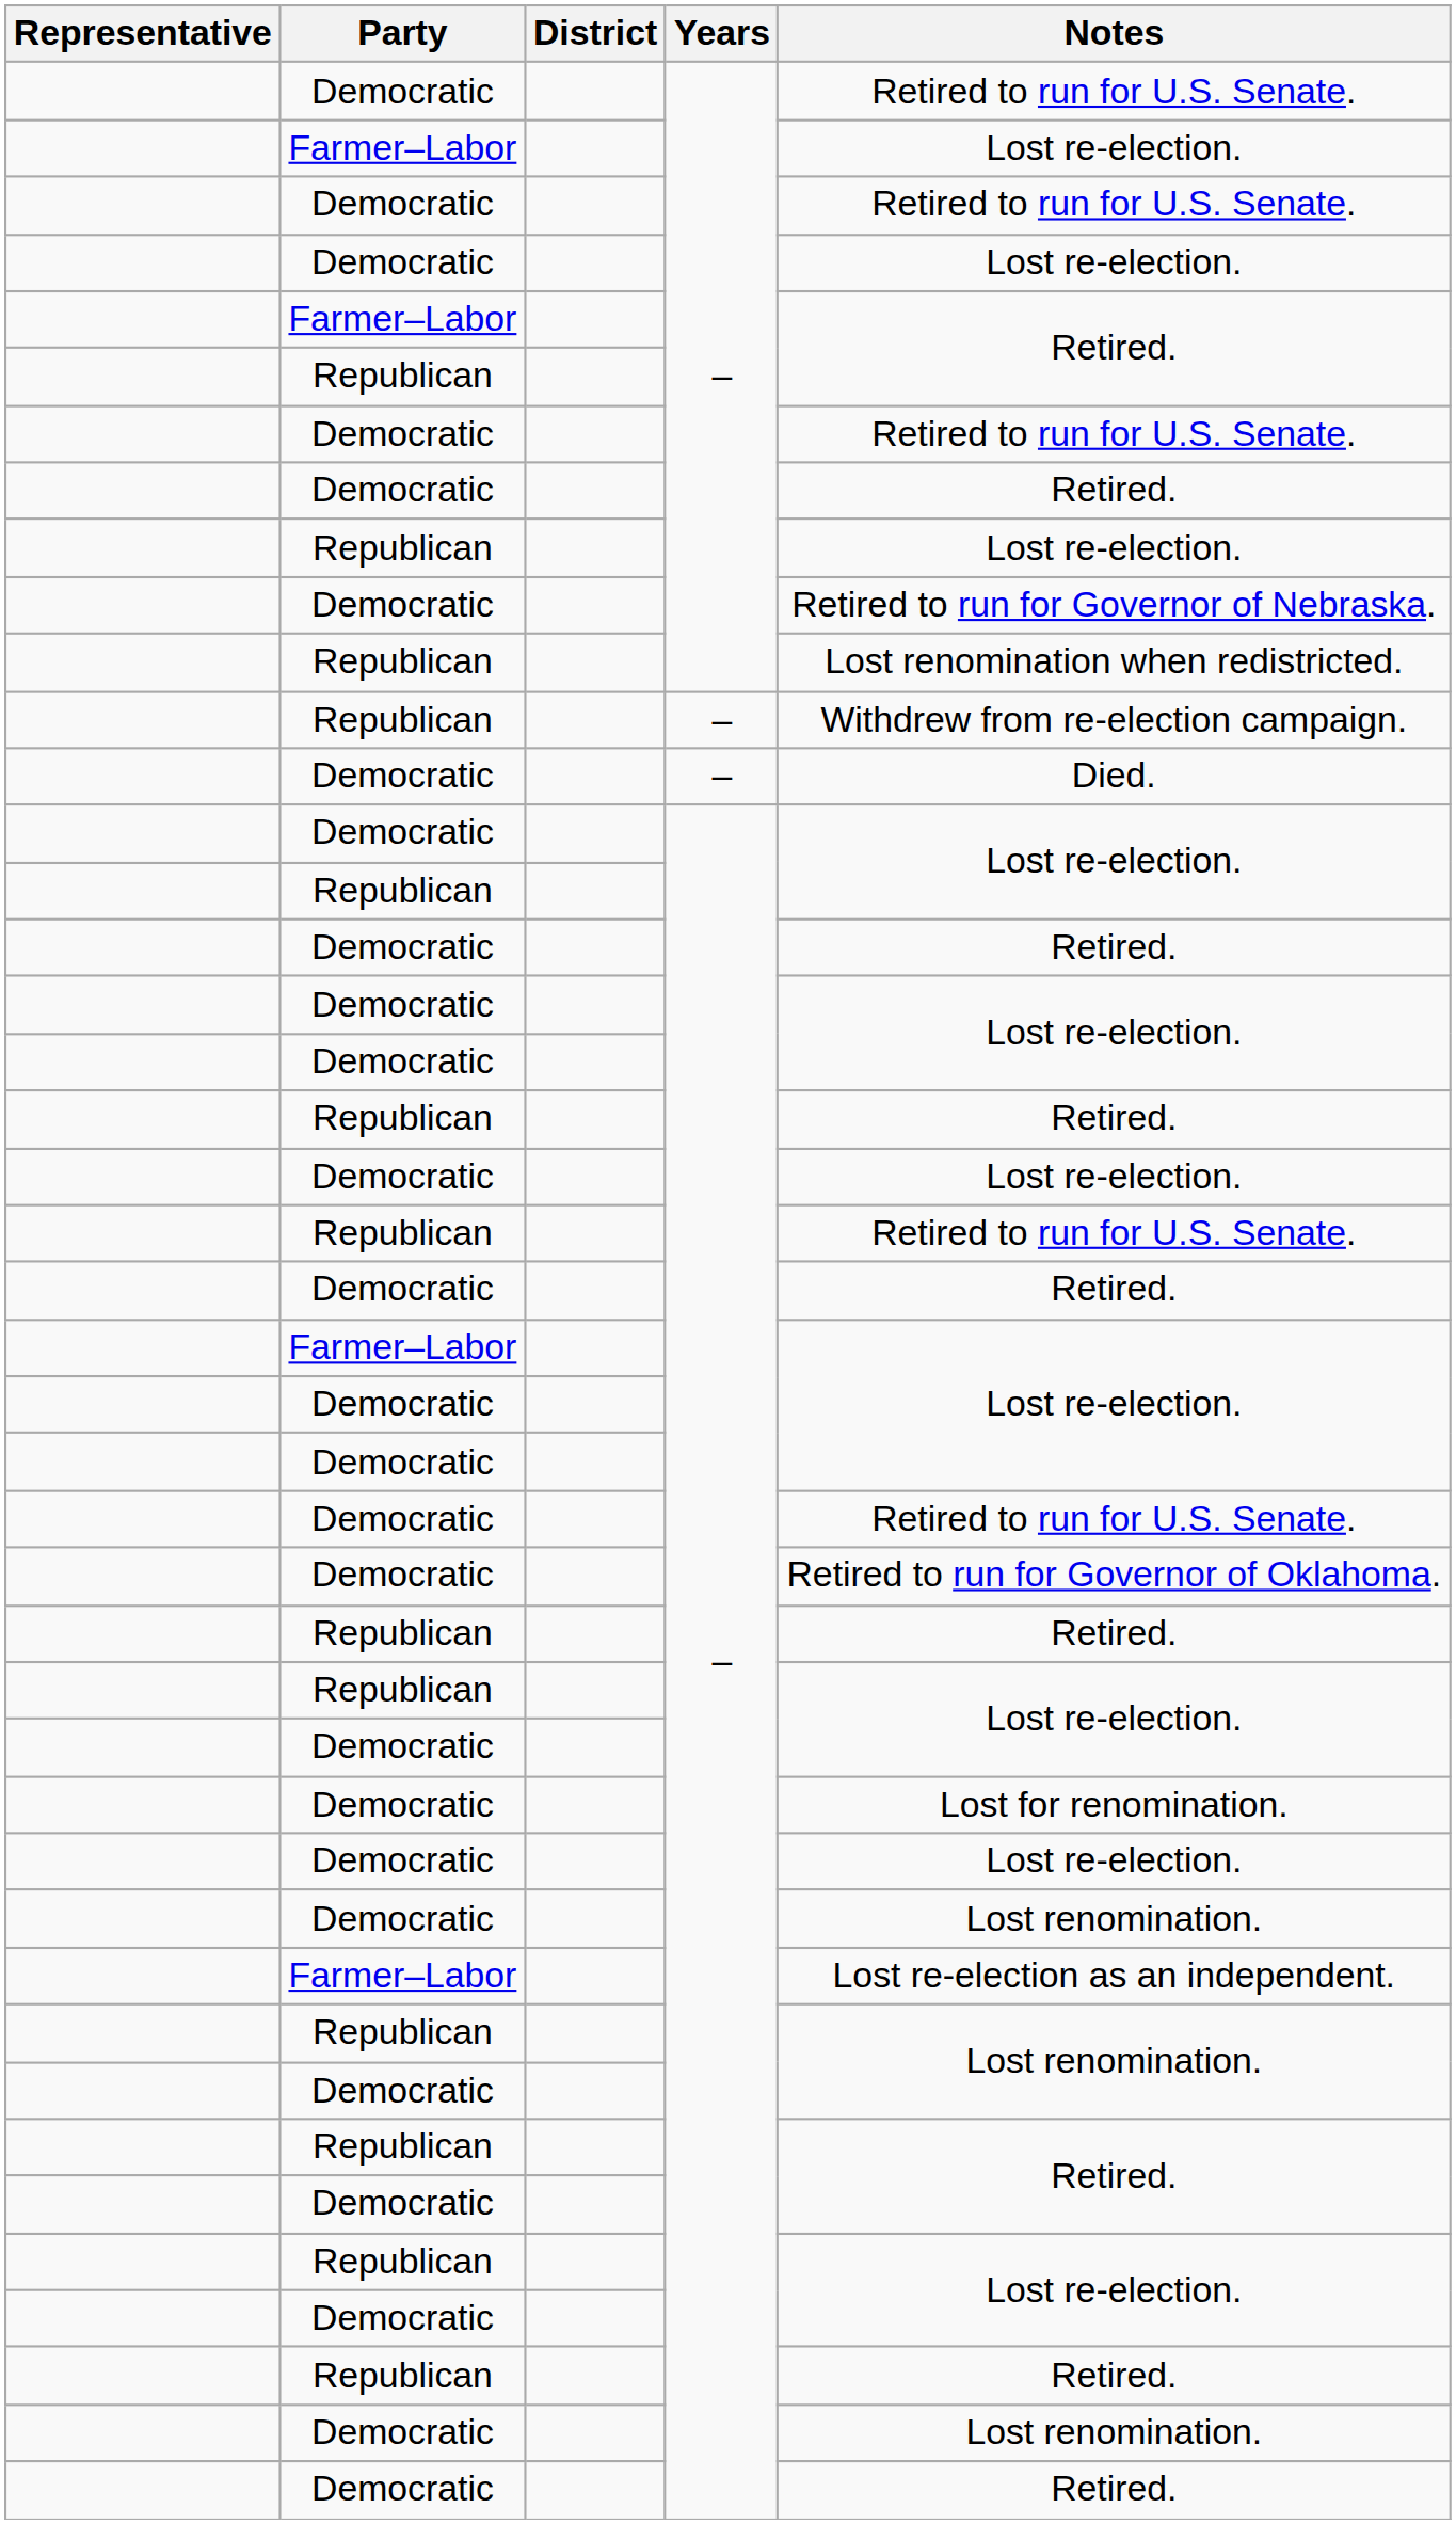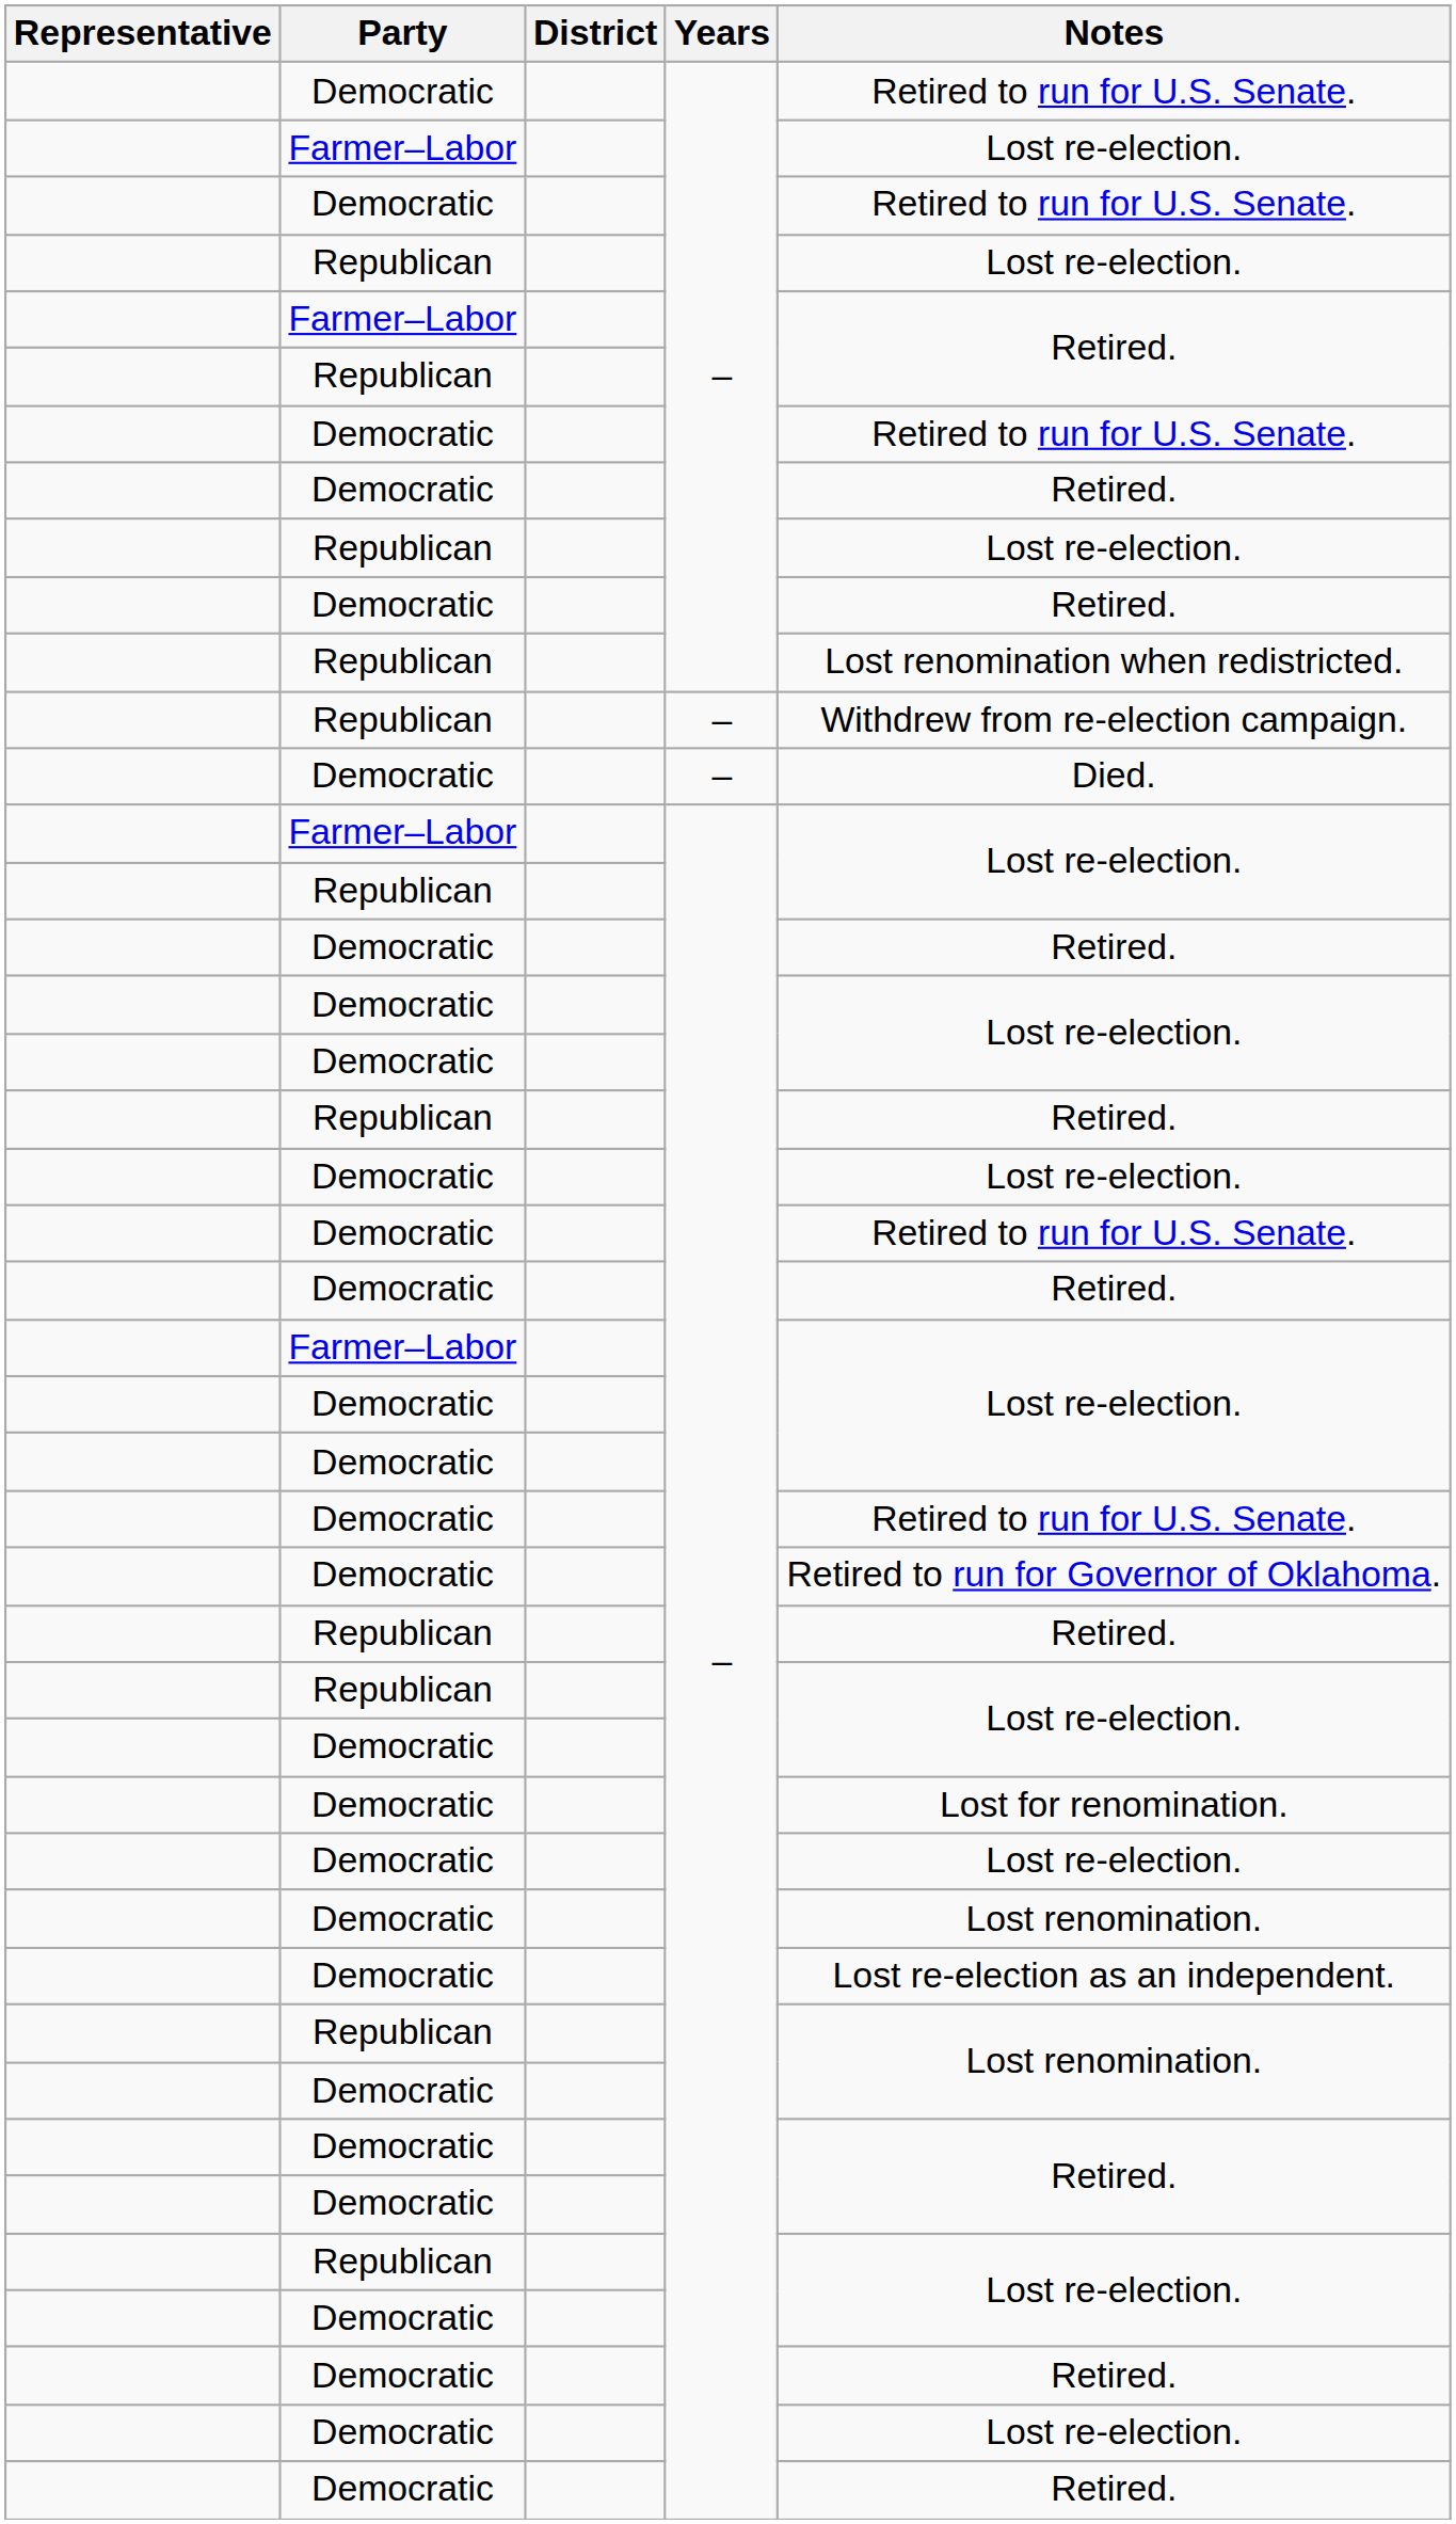 <table class="wikitable sortable" style="text-align:center">
 <tr valign=bottom>
 <th>Representative</th>
 <th>Party</th>
 <th>District</th>
 <th>Years</th>
 <th>Notes</th>
 </tr>
 <tr>
 <td align=left></td>
 <td>Democratic</td>
 <td></td>
 <td rowspan="11" nowrap=""> –<br></td>
 <td>Retired to <a href='#'>run for U.S. Senate</a>.</td>
 </tr>
 <tr>
 <td align=left></td>
 <td><a href='#'>Farmer–Labor</a></td>
 <td></td>
 <td>Lost re-election.</td>
 </tr>
 <tr>
 <td align=left></td>
 <td>Democratic</td>
 <td></td>
 <td>Retired to <a href='#'>run for U.S. Senate</a>.</td>
 </tr>
 <tr>
 <td align=left></td>
-<td>Democratic</td>
+<td>Republican</td>
 <td></td>
 <td>Lost re-election.</td>
 </tr>
 <tr>
 <td align=left></td>
 <td><a href='#'>Farmer–Labor</a></td>
 <td></td>
 <td rowspan="2">Retired.</td>
 </tr>
 <tr>
 <td align=left></td>
 <td>Republican</td>
 <td></td>
 </tr>
 <tr>
 <td align=left></td>
 <td>Democratic</td>
 <td></td>
 <td>Retired to <a href='#'>run for U.S. Senate</a>.</td>
 </tr>
 <tr>
 <td align=left></td>
 <td>Democratic</td>
 <td></td>
 <td>Retired.</td>
 </tr>
 <tr>
 <td align=left></td>
 <td>Republican</td>
 <td></td>
 <td>Lost re-election.</td>
 </tr>
 <tr>
 <td align=left></td>
 <td>Democratic</td>
 <td></td>
-<td>Retired to <a href='#'>run for Governor of Nebraska</a>.</td>
+<td>Retired.</td>
 </tr>
 <tr>
 <td align=left></td>
 <td>Republican</td>
 <td></td>
 <td>Lost renomination when redistricted.</td>
 </tr>
 <tr>
 <td align=left></td>
 <td>Republican</td>
 <td></td>
 <td nowrap> –<br></td>
 <td>Withdrew from re-election campaign.</td>
 </tr>
 <tr>
 <td align=left></td>
 <td>Democratic</td>
 <td></td>
 <td nowrap> –<br></td>
 <td>Died.</td>
 </tr>
 <tr>
 <td align=left></td>
-<td>Democratic</td>
+<td><a href='#'>Farmer–Labor</a></td>
 <td></td>
 <td rowspan="30" nowrap=""> –<br></td>
 <td rowspan="2">Lost re-election.</td>
 </tr>
 <tr>
 <td align=left></td>
 <td>Republican</td>
 <td></td>
 </tr>
 <tr>
 <td align=left></td>
 <td>Democratic</td>
 <td></td>
 <td>Retired.</td>
 </tr>
 <tr>
 <td align=left></td>
 <td>Democratic</td>
 <td></td>
 <td rowspan="2">Lost re-election.</td>
 </tr>
 <tr>
 <td align=left></td>
 <td>Democratic</td>
 <td></td>
 </tr>
 <tr>
 <td align=left></td>
 <td>Republican</td>
 <td></td>
 <td>Retired.</td>
 </tr>
 <tr>
 <td align=left></td>
 <td>Democratic</td>
 <td></td>
 <td>Lost re-election.</td>
 </tr>
 <tr>
 <td align=left></td>
-<td>Republican</td>
+<td>Democratic</td>
 <td></td>
 <td>Retired to <a href='#'>run for U.S. Senate</a>.</td>
 </tr>
 <tr>
 <td align=left></td>
 <td>Democratic</td>
 <td></td>
 <td>Retired.</td>
 </tr>
 <tr>
 <td align=left></td>
 <td><a href='#'>Farmer–Labor</a></td>
 <td></td>
 <td rowspan="3">Lost re-election.</td>
 </tr>
 <tr>
 <td align=left></td>
 <td>Democratic</td>
 <td></td>
 </tr>
 <tr>
 <td align=left></td>
 <td>Democratic</td>
 <td></td>
 </tr>
 <tr>
 <td align=left></td>
 <td>Democratic</td>
 <td></td>
 <td>Retired to <a href='#'>run for U.S. Senate</a>.</td>
 </tr>
 <tr>
 <td align=left></td>
 <td>Democratic</td>
 <td></td>
 <td>Retired to <a href='#'>run for Governor of Oklahoma</a>.</td>
 </tr>
 <tr>
 <td align=left></td>
 <td>Republican</td>
 <td></td>
 <td>Retired.</td>
 </tr>
 <tr>
 <td align=left></td>
 <td>Republican</td>
 <td></td>
 <td rowspan="2">Lost re-election.</td>
 </tr>
 <tr>
 <td align=left></td>
 <td>Democratic</td>
 <td></td>
 </tr>
 <tr>
 <td align=left></td>
 <td>Democratic</td>
 <td></td>
 <td>Lost for renomination.</td>
 </tr>
 <tr>
 <td align=left></td>
 <td>Democratic</td>
 <td></td>
 <td>Lost re-election.</td>
 </tr>
 <tr>
 <td align=left></td>
 <td>Democratic</td>
 <td></td>
 <td>Lost renomination.</td>
 </tr>
 <tr>
 <td align=left></td>
-<td><a href='#'>Farmer–Labor</a></td>
+<td>Democratic</td>
 <td></td>
 <td>Lost re-election as an independent.</td>
 </tr>
 <tr>
 <td align=left></td>
 <td>Republican</td>
 <td></td>
 <td rowspan="2">Lost renomination.</td>
 </tr>
 <tr>
 <td align=left></td>
 <td>Democratic</td>
 <td></td>
 </tr>
 <tr>
 <td align=left></td>
-<td>Republican</td>
+<td>Democratic</td>
 <td></td>
 <td rowspan="2">Retired.</td>
 </tr>
 <tr>
 <td align=left></td>
 <td>Democratic</td>
 <td></td>
 </tr>
 <tr>
 <td align=left></td>
 <td>Republican</td>
 <td></td>
 <td rowspan="2">Lost re-election.</td>
 </tr>
 <tr>
 <td align=left></td>
 <td>Democratic</td>
 <td></td>
 </tr>
 <tr>
 <td align=left></td>
-<td>Republican</td>
+<td>Democratic</td>
 <td></td>
 <td>Retired.</td>
 </tr>
 <tr>
 <td align=left></td>
 <td>Democratic</td>
 <td></td>
-<td>Lost renomination.</td>
+<td>Lost re-election.</td>
 </tr>
 <tr>
 <td align=left></td>
 <td>Democratic</td>
 <td></td>
 <td>Retired.</td>
 </tr>
 </table>
